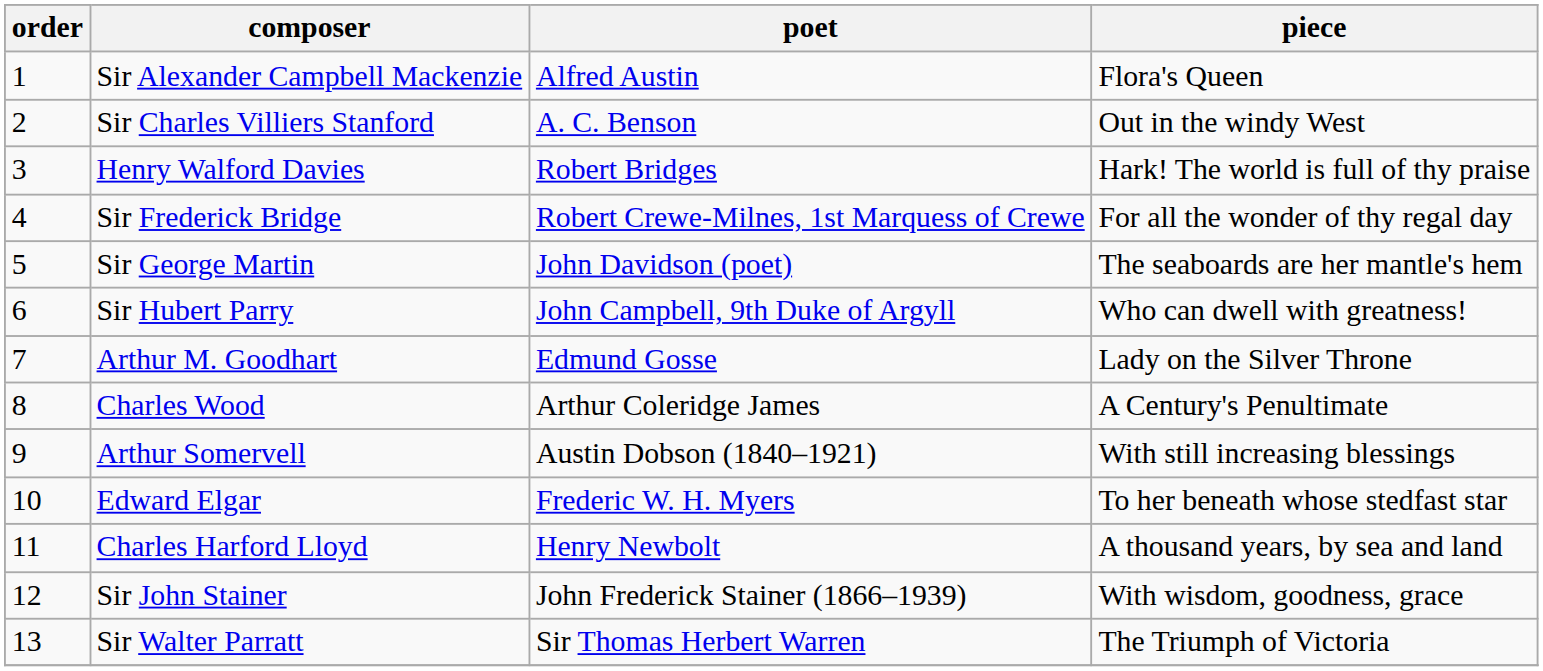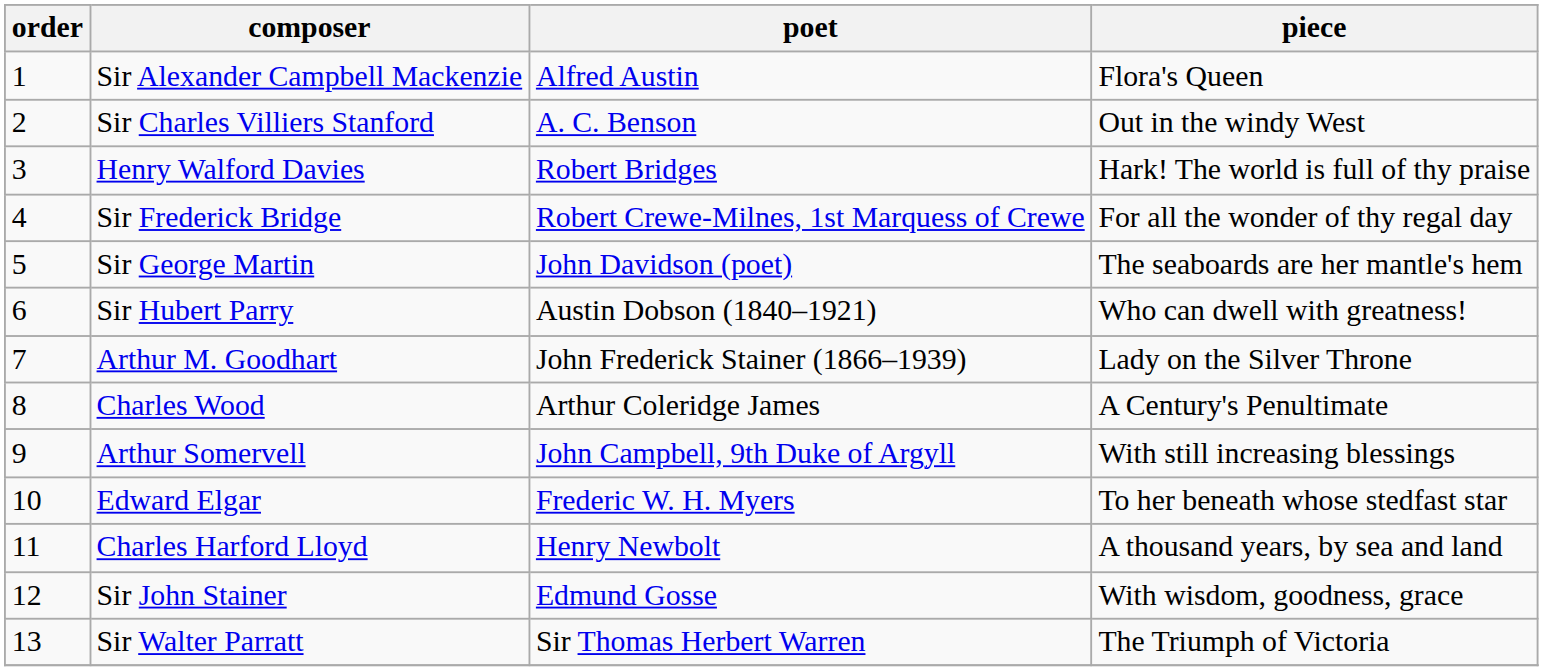 <table class="wikitable">
 <tr>
 <th>order</th>
 <th>composer</th>
 <th>poet</th>
 <th>piece</th>
 </tr>
 <tr>
 <td>1</td>
 <td>Sir <a href='#'>Alexander Campbell Mackenzie</a></td>
 <td><a href='#'>Alfred Austin</a></td>
 <td>Flora's Queen</td>
 </tr>
 <tr>
 <td>2</td>
 <td>Sir <a href='#'>Charles Villiers Stanford</a></td>
 <td><a href='#'>A. C. Benson</a></td>
 <td>Out in the windy West</td>
 </tr>
 <tr>
 <td>3</td>
 <td><a href='#'>Henry Walford Davies</a></td>
 <td><a href='#'>Robert Bridges</a></td>
 <td>Hark! The world is full of thy praise</td>
 </tr>
 <tr>
 <td>4</td>
 <td>Sir <a href='#'>Frederick Bridge</a></td>
 <td><a href='#'>Robert Crewe-Milnes, 1st Marquess of Crewe</a></td>
 <td>For all the wonder of thy regal day</td>
 </tr>
 <tr>
 <td>5</td>
 <td>Sir <a href='#'>George Martin</a></td>
 <td><a href='#'>John Davidson (poet)</a></td>
 <td>The seaboards are her mantle's hem</td>
 </tr>
 <tr>
 <td>6</td>
 <td>Sir <a href='#'>Hubert Parry</a></td>
-<td><a href='#'>John Campbell, 9th Duke of Argyll</a></td>
+<td>Austin Dobson (1840–1921)</td>
 <td>Who can dwell with greatness!</td>
 </tr>
 <tr>
 <td>7</td>
 <td><a href='#'>Arthur M. Goodhart</a></td>
-<td><a href='#'>Edmund Gosse</a></td>
+<td>John Frederick Stainer (1866–1939)</td>
 <td>Lady on the Silver Throne</td>
 </tr>
 <tr>
 <td>8</td>
 <td><a href='#'>Charles Wood</a></td>
 <td>Arthur Coleridge James</td>
 <td>A Century's Penultimate</td>
 </tr>
 <tr>
 <td>9</td>
 <td><a href='#'>Arthur Somervell</a></td>
-<td>Austin Dobson (1840–1921)</td>
+<td><a href='#'>John Campbell, 9th Duke of Argyll</a></td>
 <td>With still increasing blessings</td>
 </tr>
 <tr>
 <td>10</td>
 <td><a href='#'>Edward Elgar</a></td>
 <td><a href='#'>Frederic W. H. Myers</a></td>
 <td>To her beneath whose stedfast star</td>
 </tr>
 <tr>
 <td>11</td>
 <td><a href='#'>Charles Harford Lloyd</a></td>
 <td><a href='#'>Henry Newbolt</a></td>
 <td>A thousand years, by sea and land</td>
 </tr>
 <tr>
 <td>12</td>
 <td>Sir <a href='#'>John Stainer</a></td>
-<td>John Frederick Stainer (1866–1939)</td>
+<td><a href='#'>Edmund Gosse</a></td>
 <td>With wisdom, goodness, grace</td>
 </tr>
 <tr>
 <td>13</td>
 <td>Sir <a href='#'>Walter Parratt</a></td>
 <td>Sir <a href='#'>Thomas Herbert Warren</a></td>
 <td>The Triumph of Victoria</td>
 </tr>
 <tr>
 </tr>
 </table>
